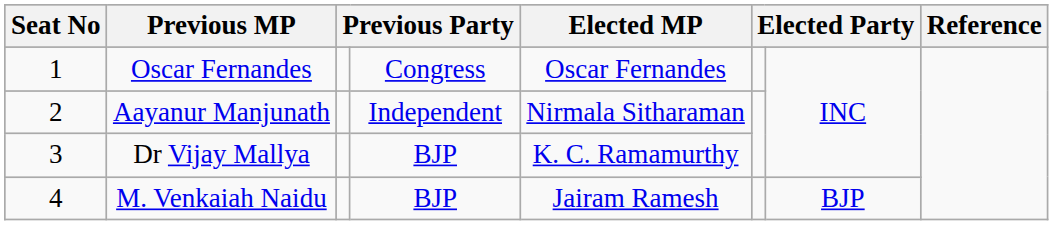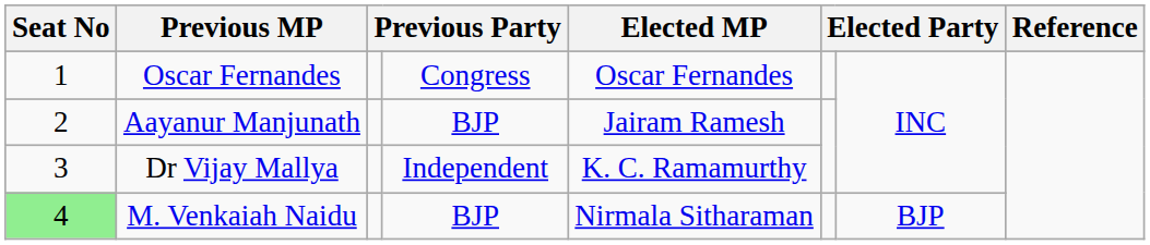 <table class="wikitable">
 <tr>
 <th>Seat No</th>
 <th>Previous MP</th>
 <th colspan=2>Previous Party</th>
 <th>Elected MP</th>
 <th colspan=2>Elected Party</th>
 <th>Reference</th>
 </tr>
 <tr style="text-align:center;">
 <td>1</td>
 <td><a href='#'>Oscar Fernandes</a></td>
 <td width="1px"></td>
 <td><a href='#'>Congress</a></td>
 <td><a href='#'>Oscar Fernandes</a></td>
 <td width="1px"></td>
 <td rowspan="3"><a href='#'>INC</a></td>
 <td rowspan=4></td>
 </tr>
 <tr style="text-align:center;">
 <td>2</td>
 <td><a href='#'>Aayanur Manjunath</a></td>
 <td width="1px"></td>
-<td><a href='#'>Independent</a></td>
-<td><a href='#'>Nirmala Sitharaman</a></td>
+<td><a href='#'>BJP</a></td>
+<td><a href='#'>Jairam Ramesh</a></td>
 </tr>
 <tr style="text-align:center;">
 <td>3</td>
 <td>Dr <a href='#'>Vijay Mallya</a></td>
 <td width="1px"></td>
-<td><a href='#'>BJP</a></td>
+<td><a href='#'>Independent</a></td>
 <td><a href='#'>K. C. Ramamurthy</a></td>
 </tr>
 <tr style="text-align:center;">
-<td>4</td>
+<td style="background: lightgreen;">4</td>
 <td><a href='#'>M. Venkaiah Naidu</a></td>
 <td width="1px"></td>
 <td><a href='#'>BJP</a></td>
-<td><a href='#'>Jairam Ramesh</a></td>
+<td><a href='#'>Nirmala Sitharaman</a></td>
 <td width="1px"></td>
 <td><a href='#'>BJP</a></td>
 </tr>
 </table>
